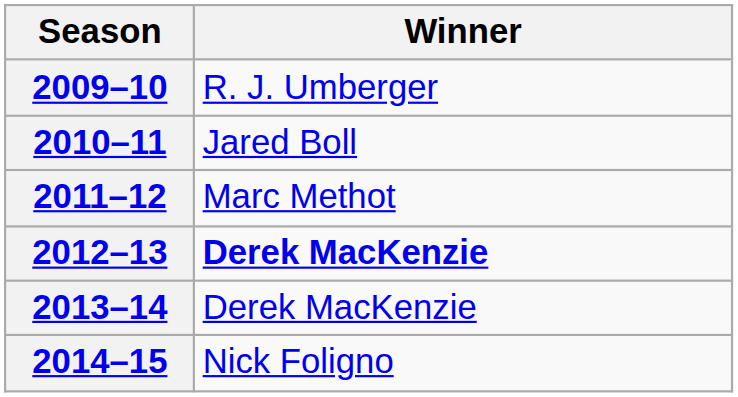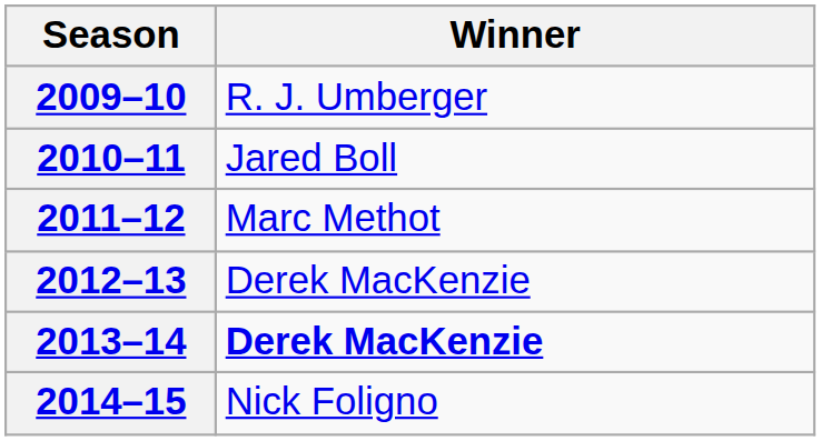 <table class="wikitable">
 <tr>
 <th scope="col" style="width:5em">Season</th>
 <th scope="col" style="width:15em">Winner</th>
 </tr>
 <tr>
 <th scope="row"><a href='#'>2009–10</a></th>
 <td><a href='#'>R. J. Umberger</a></td>
 </tr>
 <tr>
 <th scope="row"><a href='#'>2010–11</a></th>
 <td><a href='#'>Jared Boll</a></td>
 </tr>
 <tr>
 <th scope="row"><a href='#'>2011–12</a></th>
 <td><a href='#'>Marc Methot</a></td>
 </tr>
 <tr>
 <th scope="row"><a href='#'>2012–13</a></th>
-<td><strong><a href='#'>Derek MacKenzie</a></strong></td>
+<td><a href='#'>Derek MacKenzie</a></td>
 </tr>
 <tr>
 <th scope="row"><a href='#'>2013–14</a></th>
-<td><a href='#'>Derek MacKenzie</a></td>
+<td><strong><a href='#'>Derek MacKenzie</a></strong></td>
 </tr>
 <tr>
 <th scope="row"><a href='#'>2014–15</a></th>
 <td><a href='#'>Nick Foligno</a></td>
 </tr>
 </table>
